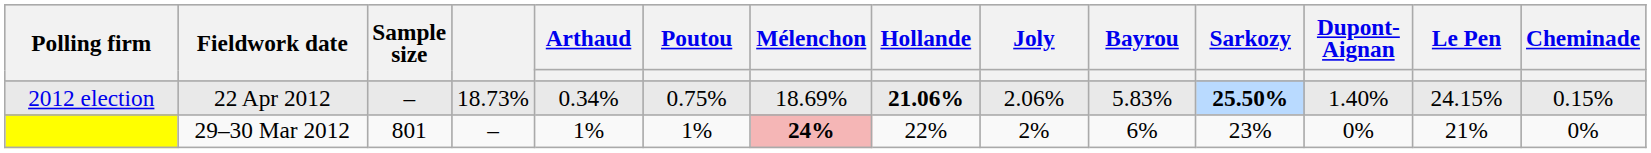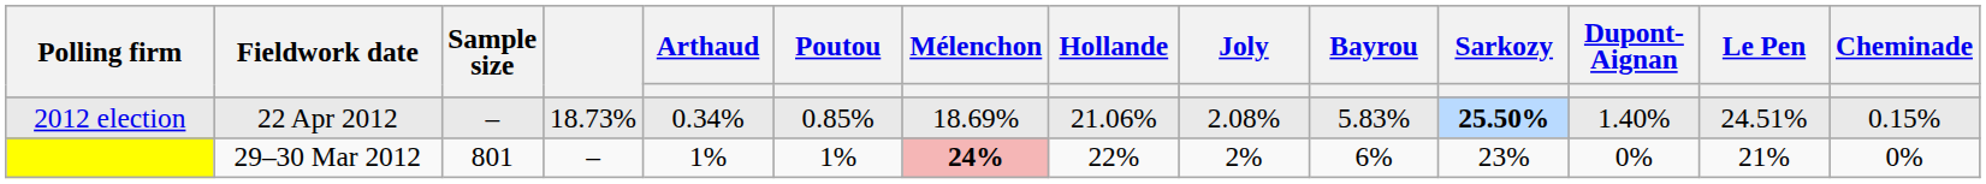 <table class="wikitable sortable" style="text-align:center;font-size:90%;line-height:14px;">
 <tr style="height:40px;">
 <th style="width:100px;" rowspan="2">Polling firm</th>
 <th style="width:110px;" rowspan="2">Fieldwork date</th>
 <th style="width:35px;" rowspan="2">Sample<br>size</th>
 <th style="width:30px;" rowspan="2"></th>
 <th class="unsortable" style="width:60px;"><a href='#'>Arthaud</a><br></th>
 <th class="unsortable" style="width:60px;"><a href='#'>Poutou</a><br></th>
 <th class="unsortable" style="width:60px;"><a href='#'>Mélenchon</a><br></th>
 <th class="unsortable" style="width:60px;"><a href='#'>Hollande</a><br></th>
 <th class="unsortable" style="width:60px;"><a href='#'>Joly</a><br></th>
 <th class="unsortable" style="width:60px;"><a href='#'>Bayrou</a><br></th>
 <th class="unsortable" style="width:60px;"><a href='#'>Sarkozy</a><br></th>
 <th class="unsortable" style="width:60px;"><a href='#'>Dupont-Aignan</a><br></th>
 <th class="unsortable" style="width:60px;"><a href='#'>Le Pen</a><br></th>
 <th class="unsortable" style="width:60px;"><a href='#'>Cheminade</a><br></th>
 </tr>
 <tr>
 <th style="background:"></th>
 <th style="background:"></th>
 <th style="background:"></th>
 <th style="background:"></th>
 <th style="background:"></th>
 <th style="background:"></th>
 <th style="background:"></th>
 <th style="background:"></th>
 <th style="background:"></th>
 <th style="background:"></th>
 </tr>
 <tr style="background:#E9E9E9;">
 <td><a href='#'>2012 election</a></td>
 <td data-sort-value="2012-04-22">22 Apr 2012</td>
 <td>–</td>
 <td>18.73%</td>
 <td>0.34%</td>
-<td>0.75%</td>
+<td>0.85%</td>
 <td>18.69%</td>
-<td><strong>21.06%</strong></td>
-<td>2.06%</td>
+<td>21.06%</td>
+<td>2.08%</td>
 <td>5.83%</td>
 <td style="background:#B9DAFF;"><strong>25.50%</strong></td>
 <td>1.40%</td>
-<td>24.15%</td>
+<td>24.51%</td>
 <td>0.15%</td>
 </tr>
 <tr>
 <td style="background:yellow;"></td>
 <td data-sort-value="2012-03-30">29–30 Mar 2012</td>
 <td>801</td>
 <td>–</td>
 <td>1%</td>
 <td>1%</td>
 <td style="background:#F5B6B6;"><strong>24%</strong></td>
 <td>22%</td>
 <td>2%</td>
 <td>6%</td>
 <td>23%</td>
 <td>0%</td>
 <td>21%</td>
 <td>0%</td>
 </tr>
 </table>
